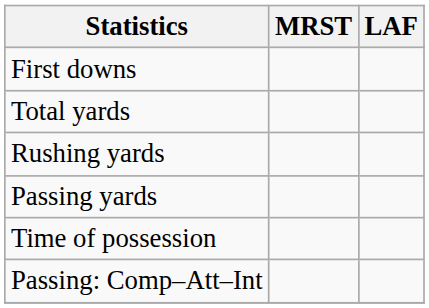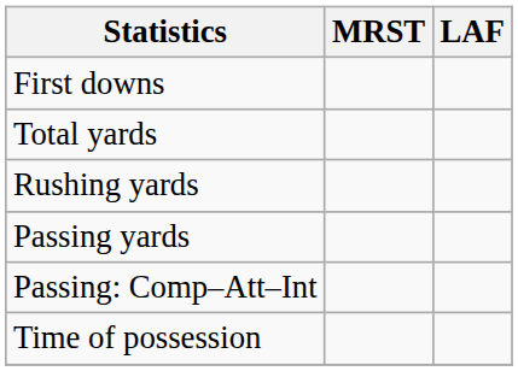 <table class="wikitable" style="float: left;">
 <tr>
 <th>Statistics</th>
 <th>MRST</th>
 <th>LAF</th>
 </tr>
 <tr>
 <td>First downs</td>
 <td></td>
 <td></td>
 </tr>
 <tr>
 <td>Total yards</td>
 <td></td>
 <td></td>
 </tr>
 <tr>
 <td>Rushing yards</td>
 <td></td>
 <td></td>
 </tr>
 <tr>
 <td>Passing yards</td>
 <td></td>
 <td></td>
 </tr>
 <tr>
-<td>Time of possession</td>
+<td>Passing: Comp–Att–Int</td>
 <td></td>
 <td></td>
 </tr>
 <tr>
-<td>Passing: Comp–Att–Int</td>
+<td>Time of possession</td>
 <td></td>
 <td></td>
 </tr>
 <tr>
 </tr>
 </table>
